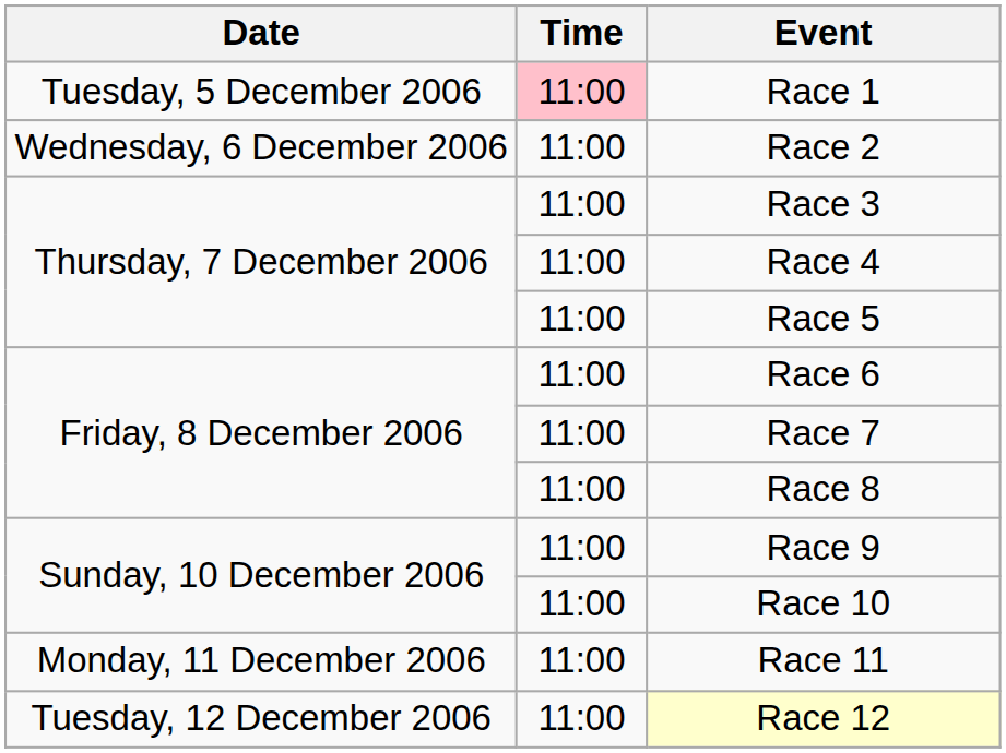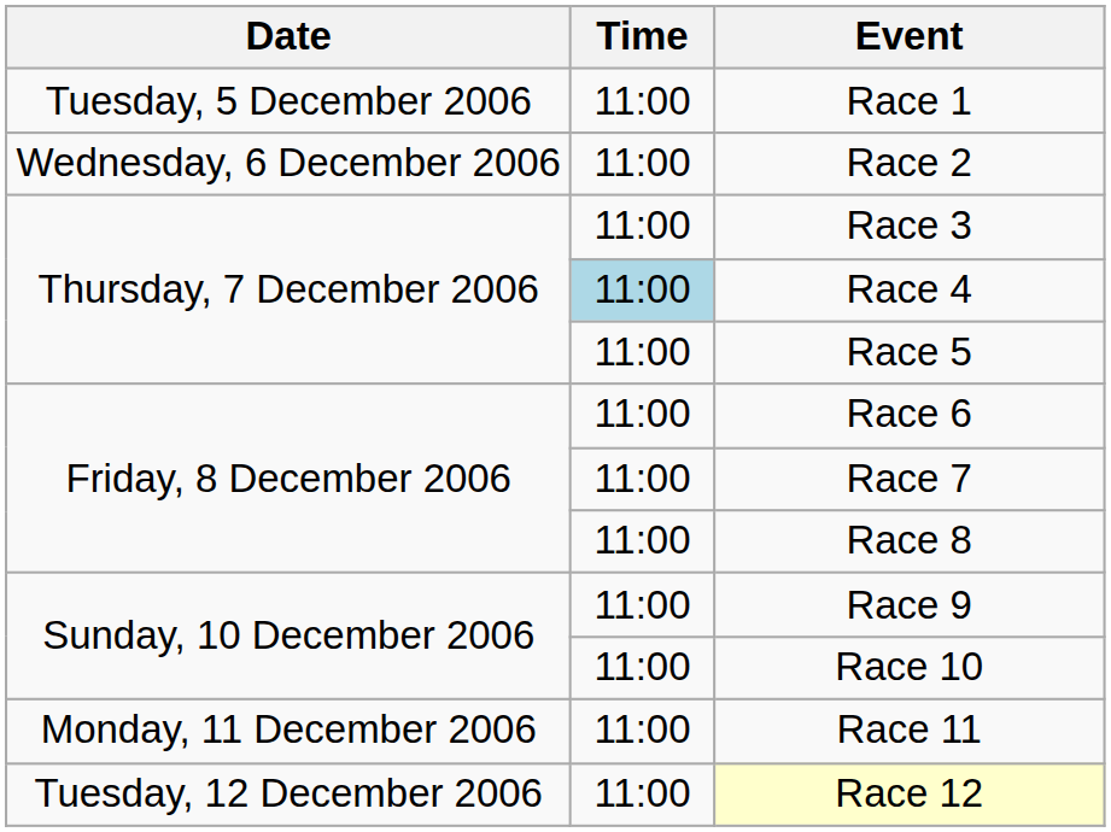 <table class = "wikitable" style="text-align:center;">
 <tr>
 <th width=220>Date</th>
 <th width=50>Time</th>
 <th width=150>Event</th>
 </tr>
 <tr>
 <td>Tuesday, 5 December 2006</td>
-<td style="background: pink;">11:00</td>
+<td>11:00</td>
 <td>Race 1</td>
 </tr>
 <tr>
 <td>Wednesday, 6 December 2006</td>
 <td>11:00</td>
 <td>Race 2</td>
 </tr>
 <tr>
 <td rowspan=3>Thursday, 7 December 2006</td>
 <td>11:00</td>
 <td>Race 3</td>
 </tr>
 <tr>
-<td>11:00</td>
+<td style="background: lightblue;">11:00</td>
 <td>Race 4</td>
 </tr>
 <tr>
 <td>11:00</td>
 <td>Race 5</td>
 </tr>
 <tr>
 <td rowspan=3>Friday, 8 December 2006</td>
 <td>11:00</td>
 <td>Race 6</td>
 </tr>
 <tr>
 <td>11:00</td>
 <td>Race 7</td>
 </tr>
 <tr>
 <td>11:00</td>
 <td>Race 8</td>
 </tr>
 <tr>
 <td rowspan=2>Sunday, 10 December 2006</td>
 <td>11:00</td>
 <td>Race 9</td>
 </tr>
 <tr>
 <td>11:00</td>
 <td>Race 10</td>
 </tr>
 <tr>
 <td>Monday, 11 December 2006</td>
 <td>11:00</td>
 <td>Race 11</td>
 </tr>
 <tr>
 <td>Tuesday, 12 December 2006</td>
 <td>11:00</td>
 <td bgcolor=ffffcc>Race 12</td>
 </tr>
 </table>
